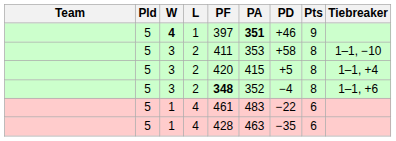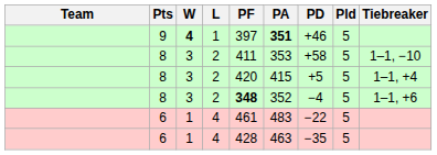 <table class="wikitable" style="text-align:center;">
 <tr>
 <th width=170>Team</th>
-<th width=25>Pld</th>
+<th width=25>Pts</th>
 <th width=25>W</th>
 <th width=25>L</th>
 <th width=35>PF</th>
 <th width=35>PA</th>
 <th width=35>PD</th>
-<th width=25>Pts</th>
+<th width=25>Pld</th>
 <th width=50>Tiebreaker</th>
 </tr>
 <tr bgcolor=ccffcc>
 <td align="left"></td>
-<td>5</td>
+<td>9</td>
 <td><strong>4</strong></td>
 <td>1</td>
 <td>397</td>
 <td><strong>351</strong></td>
 <td>+46</td>
-<td>9</td>
+<td>5</td>
 <td></td>
 </tr>
 <tr bgcolor=ccffcc>
 <td align="left"></td>
-<td>5</td>
+<td>8</td>
 <td>3</td>
 <td>2</td>
 <td>411</td>
 <td>353</td>
 <td>+58</td>
-<td>8</td>
+<td>5</td>
 <td>1–1, −10</td>
 </tr>
 <tr bgcolor=ccffcc>
 <td align="left"></td>
-<td>5</td>
+<td>8</td>
 <td>3</td>
 <td>2</td>
 <td>420</td>
 <td>415</td>
 <td>+5</td>
-<td>8</td>
+<td>5</td>
 <td>1–1, +4</td>
 </tr>
 <tr bgcolor=ccffcc>
 <td align="left"></td>
-<td>5</td>
+<td>8</td>
 <td>3</td>
 <td>2</td>
 <td><strong>348</strong></td>
 <td>352</td>
 <td>−4</td>
-<td>8</td>
+<td>5</td>
 <td>1–1, +6</td>
 </tr>
 <tr bgcolor="#ffcccc">
 <td align="left"></td>
-<td>5</td>
+<td>6</td>
 <td>1</td>
 <td>4</td>
 <td>461</td>
 <td>483</td>
 <td>−22</td>
-<td>6</td>
+<td>5</td>
 <td></td>
 </tr>
 <tr bgcolor="#ffcccc">
 <td align="left"></td>
-<td>5</td>
+<td>6</td>
 <td>1</td>
 <td>4</td>
 <td>428</td>
 <td>463</td>
 <td>−35</td>
-<td>6</td>
+<td>5</td>
 <td></td>
 </tr>
 </table>
